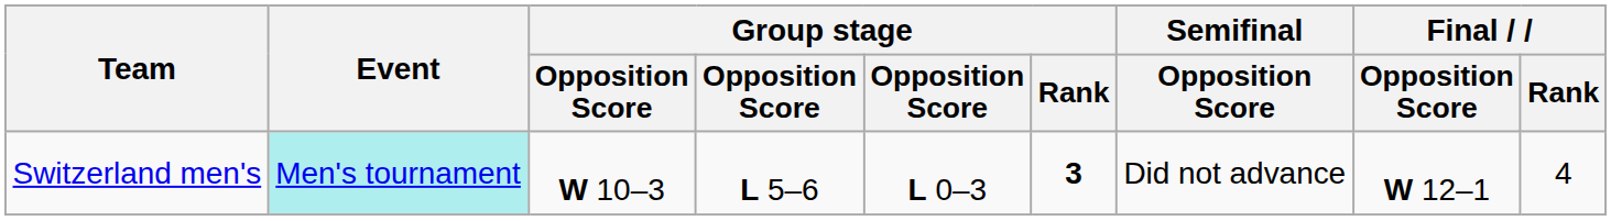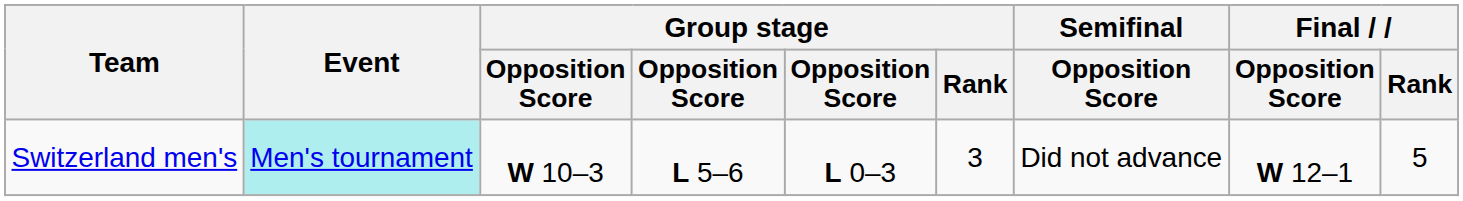 <table class="wikitable" style="text-align:center; font-size:90%">
 <tr>
 <th rowspan=2>Team</th>
 <th rowspan=2>Event</th>
 <th colspan=4>Group stage</th>
 <th>Semifinal</th>
 <th colspan=2>Final /  / </th>
 </tr>
 <tr style="font-size:95%">
 <th>Opposition<br>Score</th>
 <th>Opposition<br>Score</th>
 <th>Opposition<br>Score</th>
 <th>Rank</th>
 <th>Opposition<br>Score</th>
 <th>Opposition<br>Score</th>
 <th>Rank</th>
 </tr>
 <tr>
 <td align=left><a href='#'>Switzerland men's</a></td>
 <td align=left style="background: paleturquoise;"><a href='#'>Men's tournament</a></td>
 <td><br><strong>W</strong> 10–3</td>
 <td><br><strong>L</strong> 5–6</td>
 <td><br><strong>L</strong> 0–3</td>
-<td><strong>3</strong></td>
+<td>3</td>
 <td>Did not advance</td>
 <td><br><strong>W</strong> 12–1</td>
-<td>4</td>
+<td>5</td>
 </tr>
 </table>
